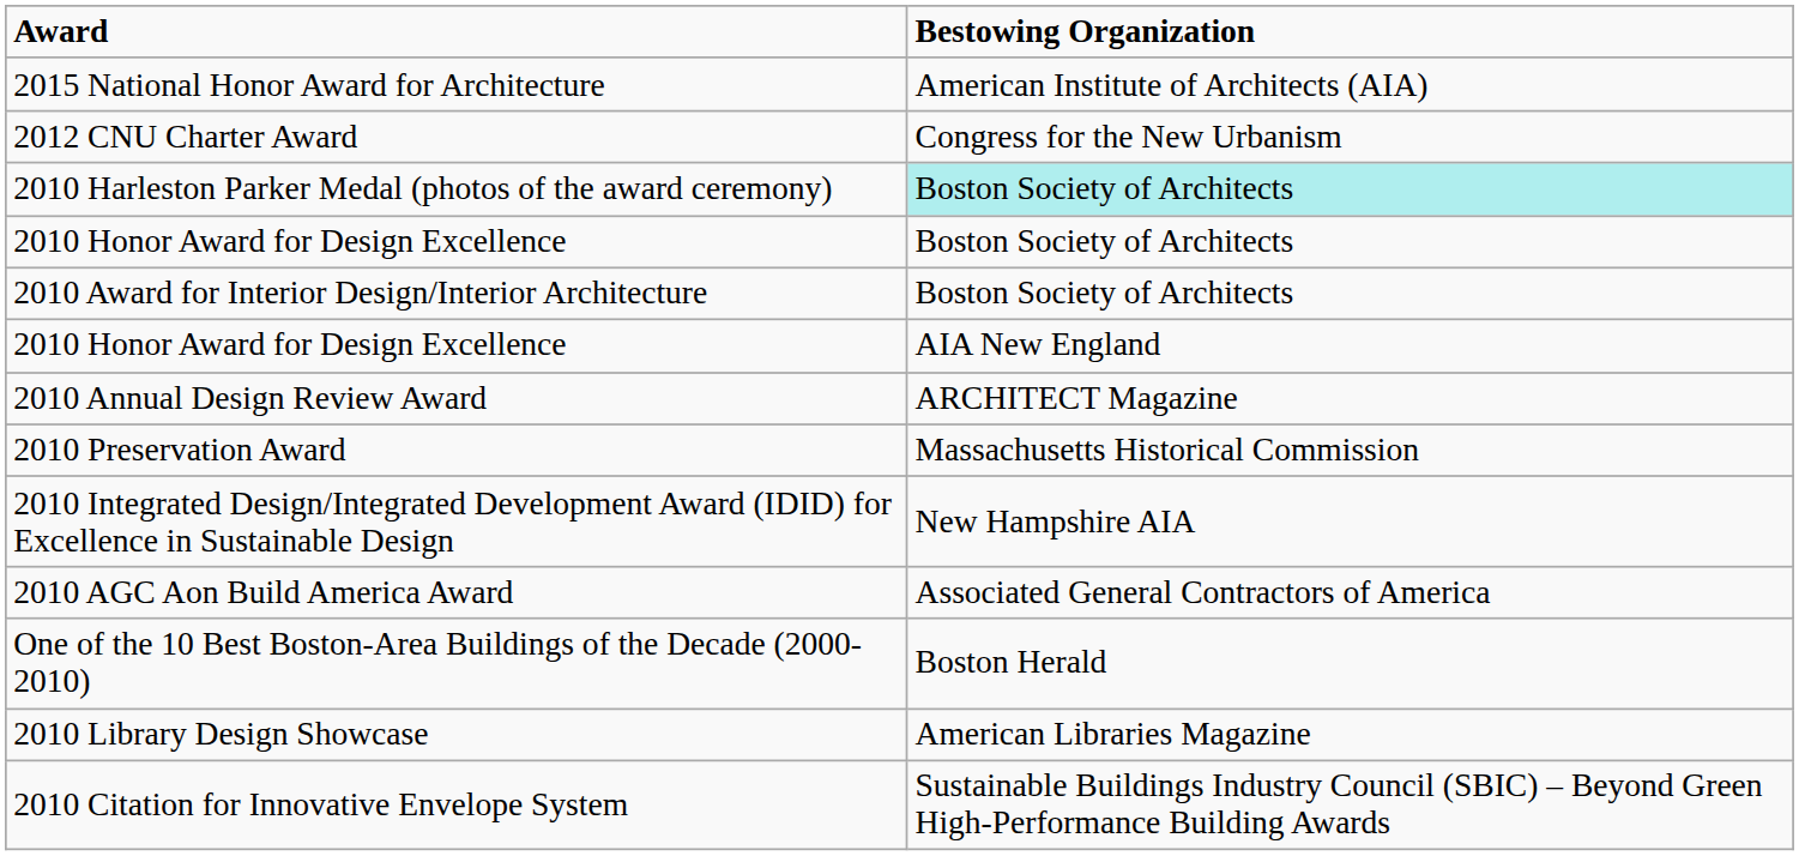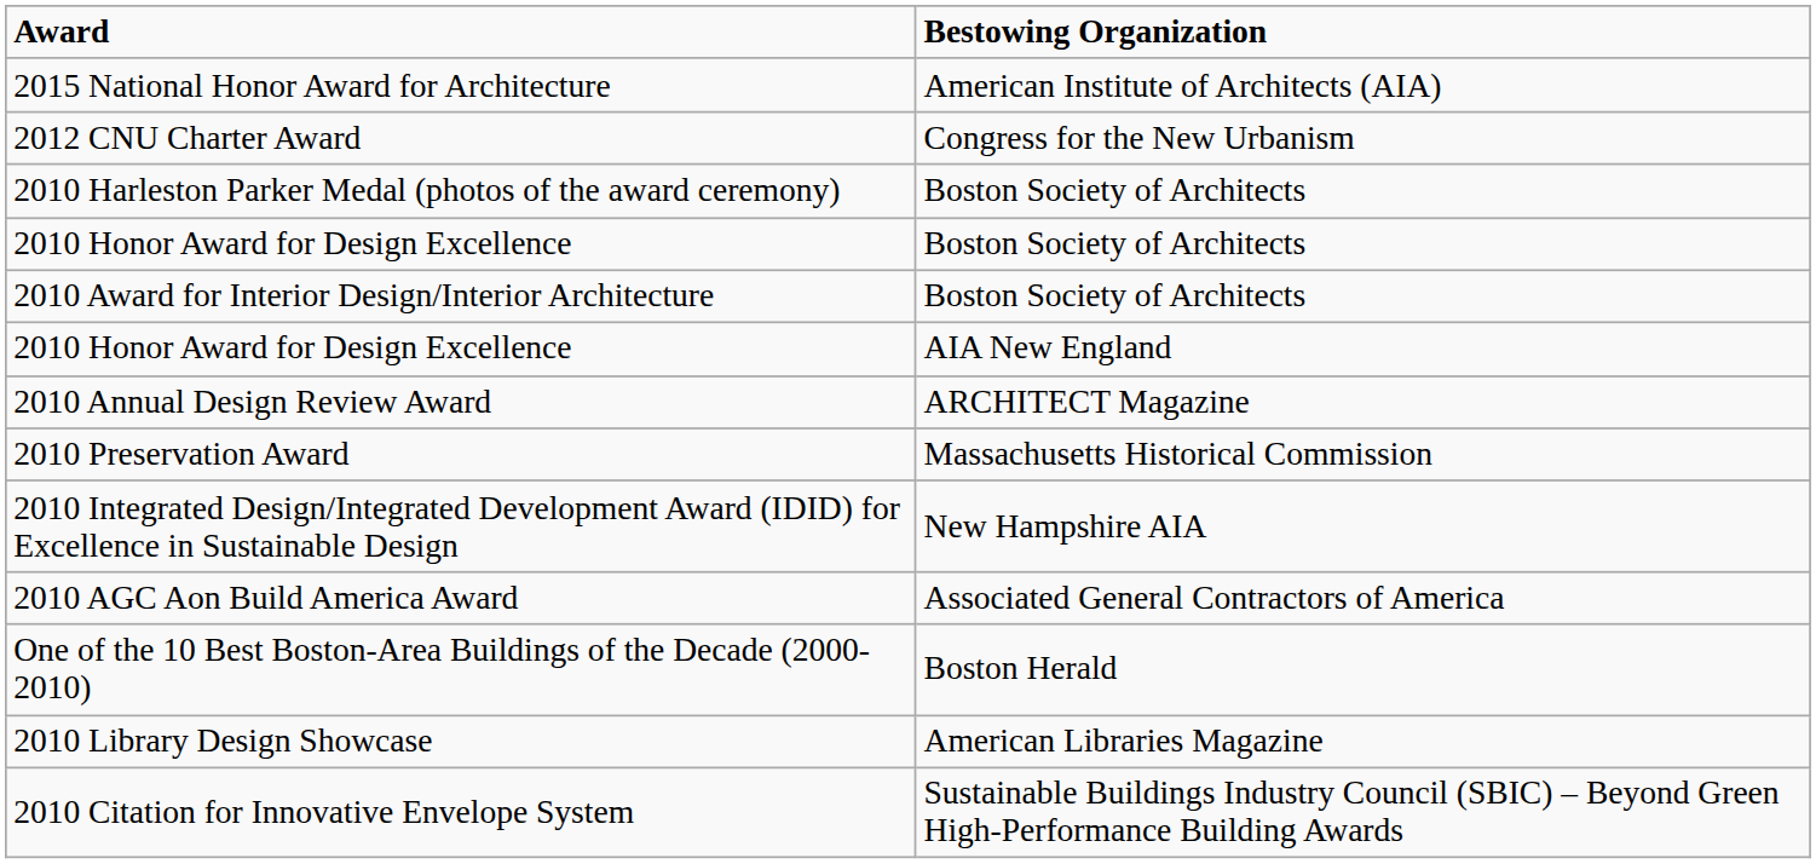 <table class="wikitable">
 <tr>
 <td><strong>Award</strong></td>
 <td><strong>Bestowing Organization</strong></td>
 </tr>
 <tr>
 <td>2015 National Honor Award for Architecture</td>
 <td>American Institute of Architects (AIA)</td>
 </tr>
 <tr>
 <td>2012 CNU Charter Award</td>
 <td>Congress for the New Urbanism</td>
 </tr>
 <tr>
 <td>2010 Harleston Parker Medal (photos of the award ceremony)</td>
-<td style="background: paleturquoise;">Boston Society of Architects</td>
+<td>Boston Society of Architects</td>
 </tr>
 <tr>
 <td>2010 Honor Award for Design Excellence</td>
 <td>Boston Society of Architects</td>
 </tr>
 <tr>
 <td>2010 Award for Interior Design/Interior Architecture</td>
 <td>Boston Society of Architects</td>
 </tr>
 <tr>
 <td>2010 Honor Award for Design Excellence</td>
 <td>AIA New England</td>
 </tr>
 <tr>
 <td>2010 Annual Design Review Award</td>
 <td>ARCHITECT Magazine</td>
 </tr>
 <tr>
 <td>2010 Preservation Award</td>
 <td>Massachusetts Historical Commission</td>
 </tr>
 <tr>
 <td>2010 Integrated Design/Integrated Development Award (IDID) for Excellence in Sustainable Design</td>
 <td>New Hampshire AIA</td>
 </tr>
 <tr>
 <td>2010 AGC Aon Build America Award</td>
 <td>Associated General Contractors of America</td>
 </tr>
 <tr>
 <td>One of the 10 Best Boston-Area Buildings of the Decade (2000-2010)</td>
 <td>Boston Herald</td>
 </tr>
 <tr>
 <td>2010 Library Design Showcase</td>
 <td>American Libraries Magazine</td>
 </tr>
 <tr>
 <td>2010 Citation for Innovative Envelope System</td>
 <td>Sustainable Buildings Industry Council (SBIC) – Beyond Green High-Performance Building Awards</td>
 </tr>
 </table>
